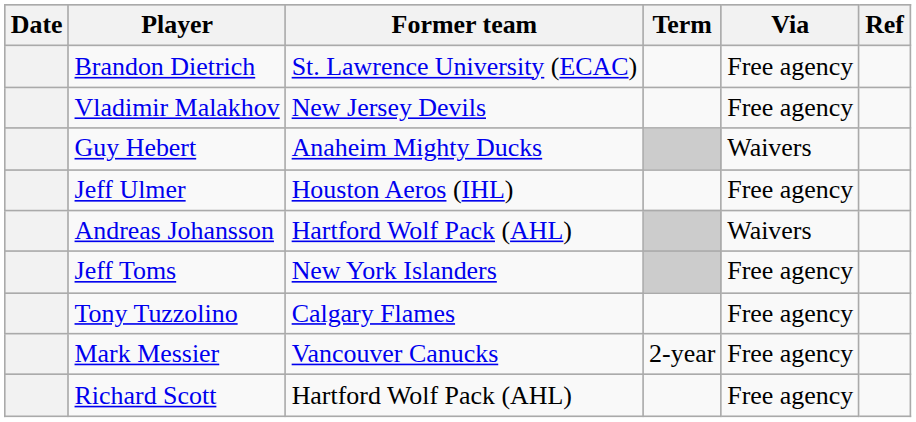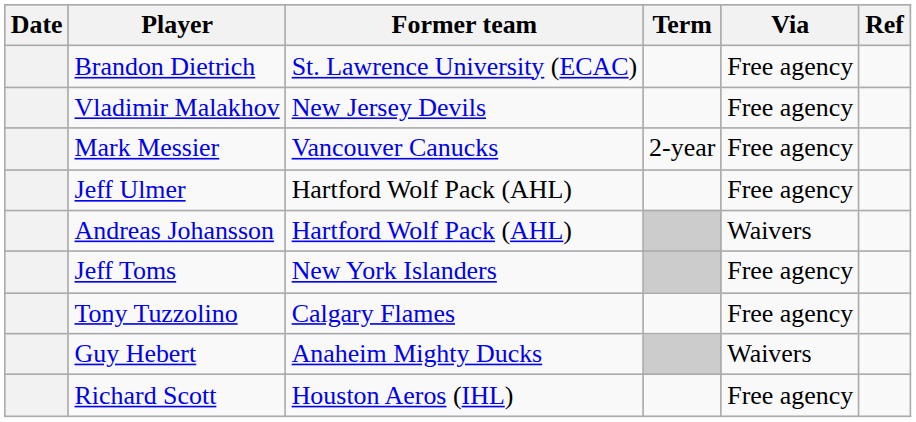 <table class="wikitable plainrowheaders">
 <tr style="background:#ddd; text-align:center;">
 <th>Date</th>
 <th>Player</th>
 <th>Former team</th>
 <th>Term</th>
 <th>Via</th>
 <th>Ref</th>
 </tr>
 <tr>
 <th scope="row"></th>
 <td><a href='#'>Brandon Dietrich</a></td>
 <td><a href='#'>St. Lawrence University</a> (<a href='#'>ECAC</a>)</td>
 <td></td>
 <td>Free agency</td>
 <td></td>
 </tr>
 <tr>
 <th scope="row"></th>
 <td><a href='#'>Vladimir Malakhov</a></td>
 <td><a href='#'>New Jersey Devils</a></td>
 <td></td>
 <td>Free agency</td>
 <td></td>
 </tr>
 <tr>
 <th scope="row"></th>
-<td><a href='#'>Guy Hebert</a></td>
-<td><a href='#'>Anaheim Mighty Ducks</a></td>
-<td style="background:#ccc"></td>
-<td>Waivers</td>
+<td><a href='#'>Mark Messier</a></td>
+<td><a href='#'>Vancouver Canucks</a></td>
+<td>2-year</td>
+<td>Free agency</td>
 <td></td>
 </tr>
 <tr>
 <th scope="row"></th>
 <td><a href='#'>Jeff Ulmer</a></td>
-<td><a href='#'>Houston Aeros</a> (<a href='#'>IHL</a>)</td>
+<td>Hartford Wolf Pack (AHL)</td>
 <td></td>
 <td>Free agency</td>
 <td></td>
 </tr>
 <tr>
 <th scope="row"></th>
 <td><a href='#'>Andreas Johansson</a></td>
 <td><a href='#'>Hartford Wolf Pack</a> (<a href='#'>AHL</a>)</td>
 <td style="background:#ccc"></td>
 <td>Waivers</td>
 <td></td>
 </tr>
 <tr>
 <th scope="row"></th>
 <td><a href='#'>Jeff Toms</a></td>
 <td><a href='#'>New York Islanders</a></td>
 <td style="background:#ccc"></td>
 <td>Free agency</td>
 <td></td>
 </tr>
 <tr>
 <th scope="row"></th>
 <td><a href='#'>Tony Tuzzolino</a></td>
 <td><a href='#'>Calgary Flames</a></td>
 <td></td>
 <td>Free agency</td>
 <td></td>
 </tr>
 <tr>
 <th scope="row"></th>
-<td><a href='#'>Mark Messier</a></td>
-<td><a href='#'>Vancouver Canucks</a></td>
-<td>2-year</td>
-<td>Free agency</td>
+<td><a href='#'>Guy Hebert</a></td>
+<td><a href='#'>Anaheim Mighty Ducks</a></td>
+<td style="background:#ccc"></td>
+<td>Waivers</td>
 <td></td>
 </tr>
 <tr>
 <th scope="row"></th>
 <td><a href='#'>Richard Scott</a></td>
-<td>Hartford Wolf Pack (AHL)</td>
+<td><a href='#'>Houston Aeros</a> (<a href='#'>IHL</a>)</td>
 <td></td>
 <td>Free agency</td>
 <td></td>
 </tr>
 </table>
